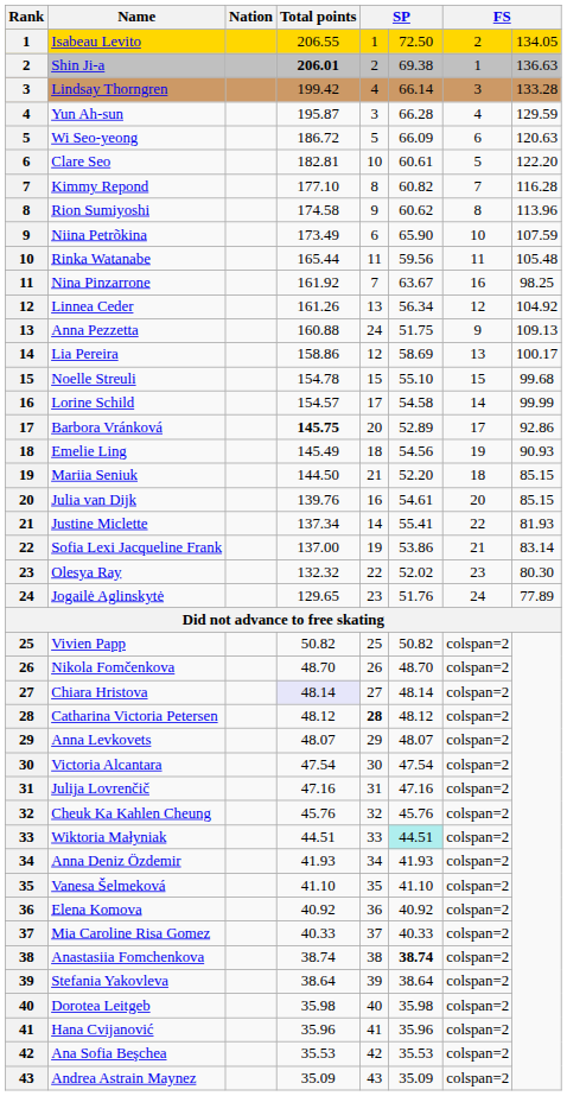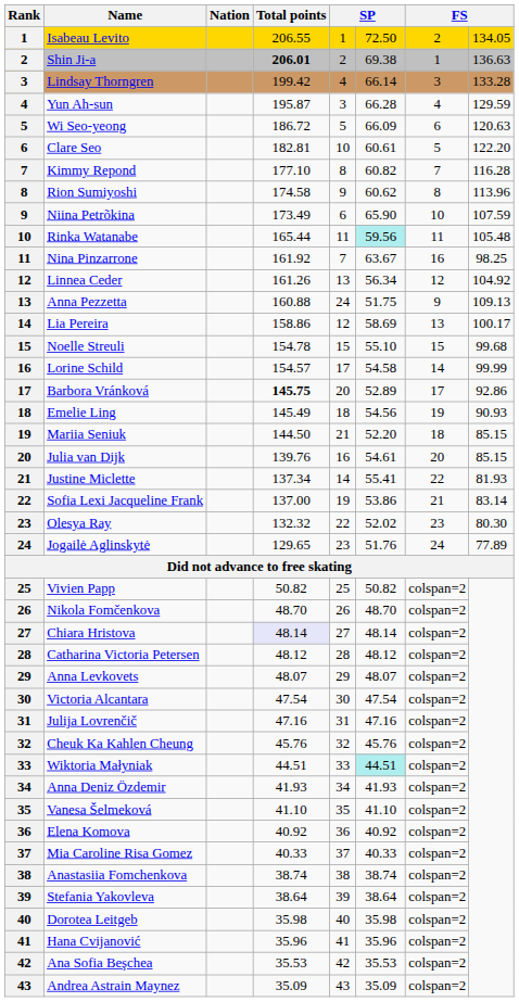 <table class="wikitable sortable" style="text-align:left;">
 <tr>
 <th scope="col">Rank</th>
 <th scope="col">Name</th>
 <th scope="col">Nation</th>
 <th scope="col">Total points</th>
 <th colspan="2" width="80px"><a href='#'>SP</a></th>
 <th colspan="2" width="80px"><a href='#'>FS</a></th>
 </tr>
 <tr bgcolor="gold">
 <th scope="row"><strong>1</strong></th>
 <td style="text-align:left"><a href='#'>Isabeau Levito</a></td>
 <td></td>
 <td align="center">206.55</td>
 <td align="center">1</td>
 <td align="center">72.50</td>
 <td align="center">2</td>
 <td align="center">134.05</td>
 </tr>
 <tr bgcolor="silver">
 <th scope="row"><strong>2</strong></th>
 <td style="text-align:left"><a href='#'>Shin Ji-a</a></td>
 <td></td>
 <td align="center"><strong>206.01</strong></td>
 <td align="center">2</td>
 <td align="center">69.38</td>
 <td align="center">1</td>
 <td align="center">136.63</td>
 </tr>
 <tr bgcolor="cc9966">
 <th scope="row"><strong>3</strong></th>
 <td style="text-align:left"><a href='#'>Lindsay Thorngren</a></td>
 <td></td>
 <td align="center">199.42</td>
 <td align="center">4</td>
 <td align="center">66.14</td>
 <td align="center">3</td>
 <td align="center">133.28</td>
 </tr>
 <tr>
 <th scope="row">4</th>
 <td style="text-align:left"><a href='#'>Yun Ah-sun</a></td>
 <td></td>
 <td align="center">195.87</td>
 <td align="center">3</td>
 <td align="center">66.28</td>
 <td align="center">4</td>
 <td align="center">129.59</td>
 </tr>
 <tr>
 <th scope="row">5</th>
 <td style="text-align:left"><a href='#'>Wi Seo-yeong</a></td>
 <td></td>
 <td align="center">186.72</td>
 <td align="center">5</td>
 <td align="center">66.09</td>
 <td align="center">6</td>
 <td align="center">120.63</td>
 </tr>
 <tr>
 <th scope="row">6</th>
 <td style="text-align:left"><a href='#'>Clare Seo</a></td>
 <td></td>
 <td align="center">182.81</td>
 <td align="center">10</td>
 <td align="center">60.61</td>
 <td align="center">5</td>
 <td align="center">122.20</td>
 </tr>
 <tr>
 <th scope="row">7</th>
 <td style="text-align:left"><a href='#'>Kimmy Repond</a></td>
 <td></td>
 <td align="center">177.10</td>
 <td align="center">8</td>
 <td align="center">60.82</td>
 <td align="center">7</td>
 <td align="center">116.28</td>
 </tr>
 <tr>
 <th scope="row">8</th>
 <td style="text-align:left"><a href='#'>Rion Sumiyoshi</a></td>
 <td></td>
 <td align="center">174.58</td>
 <td align="center">9</td>
 <td align="center">60.62</td>
 <td align="center">8</td>
 <td align="center">113.96</td>
 </tr>
 <tr>
 <th scope="row">9</th>
 <td style="text-align:left"><a href='#'>Niina Petrõkina</a></td>
 <td></td>
 <td align="center">173.49</td>
 <td align="center">6</td>
 <td align="center">65.90</td>
 <td align="center">10</td>
 <td align="center">107.59</td>
 </tr>
 <tr>
 <th scope="row">10</th>
 <td style="text-align:left"><a href='#'>Rinka Watanabe</a></td>
 <td></td>
 <td align="center">165.44</td>
 <td align="center">11</td>
-<td align="center">59.56</td>
+<td align="center" style="background: paleturquoise;">59.56</td>
 <td align="center">11</td>
 <td align="center">105.48</td>
 </tr>
 <tr>
 <th scope="row">11</th>
 <td style="text-align:left"><a href='#'>Nina Pinzarrone</a></td>
 <td></td>
 <td align="center">161.92</td>
 <td align="center">7</td>
 <td align="center">63.67</td>
 <td align="center">16</td>
 <td align="center">98.25</td>
 </tr>
 <tr>
 <th scope="row">12</th>
 <td style="text-align:left"><a href='#'>Linnea Ceder</a></td>
 <td></td>
 <td align="center">161.26</td>
 <td align="center">13</td>
 <td align="center">56.34</td>
 <td align="center">12</td>
 <td align="center">104.92</td>
 </tr>
 <tr>
 <th scope="row">13</th>
 <td style="text-align:left"><a href='#'>Anna Pezzetta</a></td>
 <td></td>
 <td align="center">160.88</td>
 <td align="center">24</td>
 <td align="center">51.75</td>
 <td align="center">9</td>
 <td align="center">109.13</td>
 </tr>
 <tr>
 <th scope="row">14</th>
 <td style="text-align:left"><a href='#'>Lia Pereira</a></td>
 <td></td>
 <td align="center">158.86</td>
 <td align="center">12</td>
 <td align="center">58.69</td>
 <td align="center">13</td>
 <td align="center">100.17</td>
 </tr>
 <tr>
 <th scope="row">15</th>
 <td style="text-align:left"><a href='#'>Noelle Streuli</a></td>
 <td></td>
 <td align="center">154.78</td>
 <td align="center">15</td>
 <td align="center">55.10</td>
 <td align="center">15</td>
 <td align="center">99.68</td>
 </tr>
 <tr>
 <th scope="row">16</th>
 <td style="text-align:left"><a href='#'>Lorine Schild</a></td>
 <td></td>
 <td align="center">154.57</td>
 <td align="center">17</td>
 <td align="center">54.58</td>
 <td align="center">14</td>
 <td align="center">99.99</td>
 </tr>
 <tr>
 <th scope="row">17</th>
 <td style="text-align:left"><a href='#'>Barbora Vránková</a></td>
 <td></td>
 <td align="center"><strong>145.75</strong></td>
 <td align="center">20</td>
 <td align="center">52.89</td>
 <td align="center">17</td>
 <td align="center">92.86</td>
 </tr>
 <tr>
 <th scope="row">18</th>
 <td style="text-align:left"><a href='#'>Emelie Ling</a></td>
 <td></td>
 <td align="center">145.49</td>
 <td align="center">18</td>
 <td align="center">54.56</td>
 <td align="center">19</td>
 <td align="center">90.93</td>
 </tr>
 <tr>
 <th scope="row">19</th>
 <td style="text-align:left"><a href='#'>Mariia Seniuk</a></td>
 <td></td>
 <td align="center">144.50</td>
 <td align="center">21</td>
 <td align="center">52.20</td>
 <td align="center">18</td>
 <td align="center">85.15</td>
 </tr>
 <tr>
 <th scope="row">20</th>
 <td style="text-align:left"><a href='#'>Julia van Dijk</a></td>
 <td></td>
 <td align="center">139.76</td>
 <td align="center">16</td>
 <td align="center">54.61</td>
 <td align="center">20</td>
 <td align="center">85.15</td>
 </tr>
 <tr>
 <th scope="row">21</th>
 <td style="text-align:left"><a href='#'>Justine Miclette</a></td>
 <td></td>
 <td align="center">137.34</td>
 <td align="center">14</td>
 <td align="center">55.41</td>
 <td align="center">22</td>
 <td align="center">81.93</td>
 </tr>
 <tr>
 <th scope="row">22</th>
 <td style="text-align:left"><a href='#'>Sofia Lexi Jacqueline Frank</a></td>
 <td></td>
 <td align="center">137.00</td>
 <td align="center">19</td>
 <td align="center">53.86</td>
 <td align="center">21</td>
 <td align="center">83.14</td>
 </tr>
 <tr>
 <th scope="row">23</th>
 <td style="text-align:left"><a href='#'>Olesya Ray</a></td>
 <td></td>
 <td align="center">132.32</td>
 <td align="center">22</td>
 <td align="center">52.02</td>
 <td align="center">23</td>
 <td align="center">80.30</td>
 </tr>
 <tr>
 <th scope="row">24</th>
 <td style="text-align:left"><a href='#'>Jogailė Aglinskytė</a></td>
 <td></td>
 <td align="center">129.65</td>
 <td align="center">23</td>
 <td align="center">51.76</td>
 <td align="center">24</td>
 <td align="center">77.89</td>
 </tr>
 <tr>
 <th colspan=8>Did not advance to free skating</th>
 </tr>
 <tr>
 <th scope="row">25</th>
 <td style="text-align:left"><a href='#'>Vivien Papp</a></td>
 <td></td>
 <td align="center">50.82</td>
 <td align="center">25</td>
 <td align="center">50.82</td>
 <td>colspan=2 </td>
 </tr>
 <tr>
 <th scope="row">26</th>
 <td style="text-align:left"><a href='#'>Nikola Fomčenkova</a></td>
 <td></td>
 <td align="center">48.70</td>
 <td align="center">26</td>
 <td align="center">48.70</td>
 <td>colspan=2 </td>
 </tr>
 <tr>
 <th scope="row">27</th>
 <td style="text-align:left"><a href='#'>Chiara Hristova</a></td>
 <td></td>
 <td align="center" style="background: lavender;">48.14</td>
 <td align="center">27</td>
 <td align="center">48.14</td>
 <td>colspan=2 </td>
 </tr>
 <tr>
 <th scope="row">28</th>
 <td style="text-align:left"><a href='#'>Catharina Victoria Petersen</a></td>
 <td></td>
 <td align="center">48.12</td>
-<td align="center"><strong>28</strong></td>
+<td align="center">28</td>
 <td align="center">48.12</td>
 <td>colspan=2 </td>
 </tr>
 <tr>
 <th scope="row">29</th>
 <td style="text-align:left"><a href='#'>Anna Levkovets</a></td>
 <td></td>
 <td align="center">48.07</td>
 <td align="center">29</td>
 <td align="center">48.07</td>
 <td>colspan=2 </td>
 </tr>
 <tr>
 <th scope="row">30</th>
 <td style="text-align:left"><a href='#'>Victoria Alcantara</a></td>
 <td></td>
 <td align="center">47.54</td>
 <td align="center">30</td>
 <td align="center">47.54</td>
 <td>colspan=2 </td>
 </tr>
 <tr>
 <th scope="row">31</th>
 <td style="text-align:left"><a href='#'>Julija Lovrenčič</a></td>
 <td></td>
 <td align="center">47.16</td>
 <td align="center">31</td>
 <td align="center">47.16</td>
 <td>colspan=2 </td>
 </tr>
 <tr>
 <th scope="row">32</th>
 <td style="text-align:left"><a href='#'>Cheuk Ka Kahlen Cheung</a></td>
 <td></td>
 <td align="center">45.76</td>
 <td align="center">32</td>
 <td align="center">45.76</td>
 <td>colspan=2 </td>
 </tr>
 <tr>
 <th scope="row">33</th>
 <td style="text-align:left"><a href='#'>Wiktoria Małyniak</a></td>
 <td></td>
 <td align="center">44.51</td>
 <td align="center">33</td>
 <td align="center" style="background: paleturquoise;">44.51</td>
 <td>colspan=2 </td>
 </tr>
 <tr>
 <th scope="row">34</th>
 <td style="text-align:left"><a href='#'>Anna Deniz Özdemir</a></td>
 <td></td>
 <td align="center">41.93</td>
 <td align="center">34</td>
 <td align="center">41.93</td>
 <td>colspan=2 </td>
 </tr>
 <tr>
 <th scope="row">35</th>
 <td style="text-align:left"><a href='#'>Vanesa Šelmeková</a></td>
 <td></td>
 <td align="center">41.10</td>
 <td align="center">35</td>
 <td align="center">41.10</td>
 <td>colspan=2 </td>
 </tr>
 <tr>
 <th scope="row">36</th>
 <td style="text-align:left"><a href='#'>Elena Komova</a></td>
 <td></td>
 <td align="center">40.92</td>
 <td align="center">36</td>
 <td align="center">40.92</td>
 <td>colspan=2 </td>
 </tr>
 <tr>
 <th scope="row">37</th>
 <td style="text-align:left"><a href='#'>Mia Caroline Risa Gomez</a></td>
 <td></td>
 <td align="center">40.33</td>
 <td align="center">37</td>
 <td align="center">40.33</td>
 <td>colspan=2 </td>
 </tr>
 <tr>
 <th scope="row">38</th>
 <td style="text-align:left"><a href='#'>Anastasiia Fomchenkova</a></td>
 <td></td>
 <td align="center">38.74</td>
 <td align="center">38</td>
-<td align="center"><strong>38.74</strong></td>
+<td align="center">38.74</td>
 <td>colspan=2 </td>
 </tr>
 <tr>
 <th scope="row">39</th>
 <td style="text-align:left"><a href='#'>Stefania Yakovleva</a></td>
 <td></td>
 <td align="center">38.64</td>
 <td align="center">39</td>
 <td align="center">38.64</td>
 <td>colspan=2 </td>
 </tr>
 <tr>
 <th scope="row">40</th>
 <td style="text-align:left"><a href='#'>Dorotea Leitgeb</a></td>
 <td></td>
 <td align="center">35.98</td>
 <td align="center">40</td>
 <td align="center">35.98</td>
 <td>colspan=2 </td>
 </tr>
 <tr>
 <th scope="row">41</th>
 <td style="text-align:left"><a href='#'>Hana Cvijanović</a></td>
 <td></td>
 <td align="center">35.96</td>
 <td align="center">41</td>
 <td align="center">35.96</td>
 <td>colspan=2 </td>
 </tr>
 <tr>
 <th scope="row">42</th>
 <td style="text-align:left"><a href='#'>Ana Sofia Beşchea</a></td>
 <td></td>
 <td align="center">35.53</td>
 <td align="center">42</td>
 <td align="center">35.53</td>
 <td>colspan=2 </td>
 </tr>
 <tr>
 <th scope="row">43</th>
 <td style="text-align:left"><a href='#'>Andrea Astrain Maynez</a></td>
 <td></td>
 <td align="center">35.09</td>
 <td align="center">43</td>
 <td align="center">35.09</td>
 <td>colspan=2 </td>
 </tr>
 </table>
